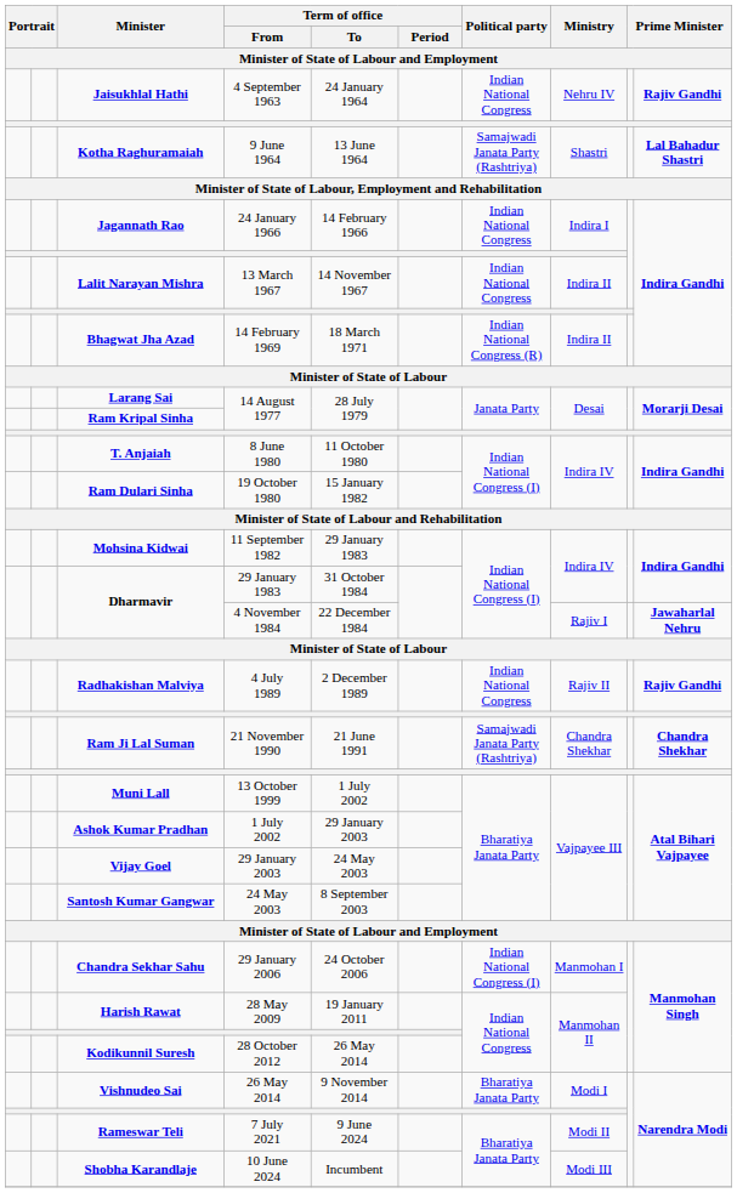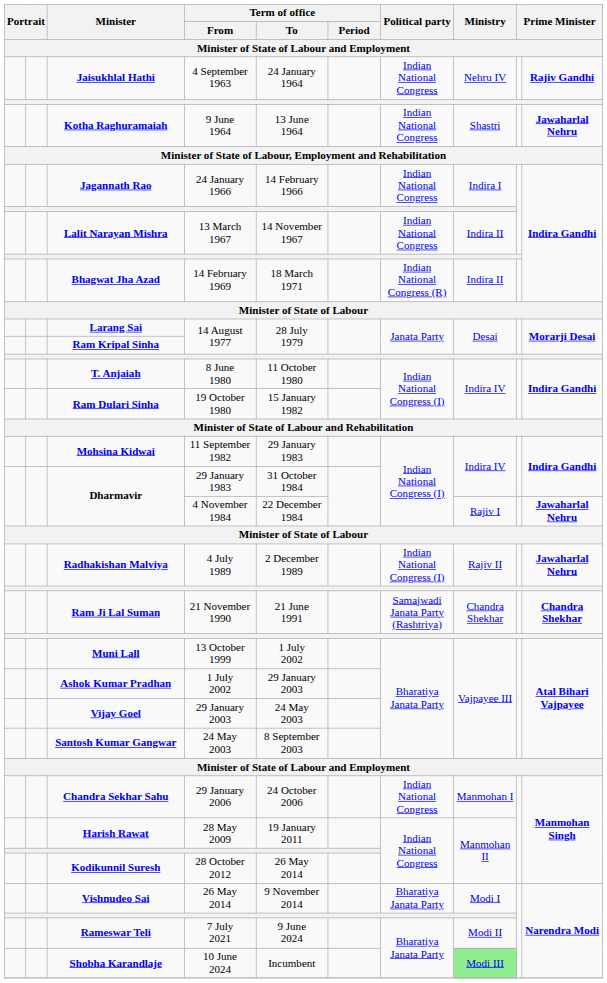 <table class="wikitable" style="text-align:center">
 <tr>
 <th rowspan="2" colspan="2">Portrait</th>
 <th rowspan="2" style="width:18em">Minister<br></th>
 <th colspan="3">Term of office</th>
 <th rowspan="2" style="width:8em">Political party</th>
 <th rowspan="2" style="width:6em">Ministry</th>
 <th rowspan="2" colspan="2">Prime Minister</th>
 </tr>
 <tr>
 <th style="width:8em">From</th>
 <th style="width:8em">To</th>
 <th style="width:6em">Period</th>
 </tr>
 <tr>
 <th colspan="10">Minister of State of Labour and Employment</th>
 </tr>
 <tr>
 <td></td>
 <td></td>
 <td><strong><a href='#'>Jaisukhlal Hathi</a></strong><br></td>
 <td>4 September<br>1963</td>
 <td>24 January<br>1964</td>
 <td><strong></strong></td>
 <td><a href='#'>Indian National Congress</a></td>
 <td><a href='#'>Nehru IV</a></td>
 <td></td>
 <td><strong><a href='#'>Rajiv Gandhi</a></strong></td>
 </tr>
 <tr>
 <th colspan="10"></th>
 </tr>
 <tr>
 <td></td>
 <td></td>
 <td><strong><a href='#'>Kotha Raghuramaiah</a></strong><br></td>
 <td>9 June<br>1964</td>
 <td>13 June<br>1964</td>
 <td><strong></strong></td>
-<td><a href='#'>Samajwadi Janata Party (Rashtriya)</a></td>
+<td><a href='#'>Indian National Congress</a></td>
 <td><a href='#'>Shastri</a></td>
 <td></td>
-<td><strong><a href='#'>Lal Bahadur Shastri</a></strong></td>
+<td style="width:9em"><strong><a href='#'>Jawaharlal Nehru</a></strong></td>
 </tr>
 <tr>
 <th colspan="10">Minister of State of Labour, Employment and Rehabilitation</th>
 </tr>
 <tr>
 <td></td>
 <td></td>
 <td><strong><a href='#'>Jagannath Rao</a></strong><br></td>
 <td>24 January<br>1966</td>
 <td>14 February<br>1966</td>
 <td><strong></strong></td>
 <td><a href='#'>Indian National Congress</a></td>
 <td><a href='#'>Indira I</a></td>
 <td rowspan="3"></td>
 <td rowspan="5"><strong><a href='#'>Indira Gandhi</a></strong></td>
 </tr>
 <tr>
 <th colspan="8"></th>
 </tr>
 <tr>
 <td></td>
 <td></td>
 <td><strong><a href='#'>Lalit Narayan Mishra</a></strong><br></td>
 <td>13 March<br>1967</td>
 <td>14 November<br>1967</td>
 <td><strong></strong></td>
 <td><a href='#'>Indian National Congress</a></td>
 <td><a href='#'>Indira II</a></td>
 </tr>
 <tr>
 <th colspan="9"></th>
 </tr>
 <tr>
 <td></td>
 <td></td>
 <td><strong><a href='#'>Bhagwat Jha Azad</a></strong><br></td>
 <td>14 February<br>1969</td>
 <td>18 March<br>1971</td>
 <td><strong></strong></td>
 <td><a href='#'>Indian National Congress (R)</a></td>
 <td><a href='#'>Indira II</a></td>
 <td></td>
 </tr>
 <tr>
 <th colspan="10">Minister of State of Labour</th>
 </tr>
 <tr>
 <td></td>
 <td></td>
 <td><strong><a href='#'>Larang Sai</a></strong><br></td>
 <td rowspan="2">14 August<br>1977</td>
 <td rowspan="2">28 July<br>1979</td>
 <td rowspan="2"><strong></strong></td>
 <td rowspan="2"><a href='#'>Janata Party</a></td>
 <td rowspan="2"><a href='#'>Desai</a></td>
 <td rowspan="2"></td>
 <td rowspan="2"><strong><a href='#'>Morarji Desai</a></strong></td>
 </tr>
 <tr>
 <td></td>
 <td></td>
 <td><strong><a href='#'>Ram Kripal Sinha</a></strong><br></td>
 </tr>
 <tr>
 <th colspan="10"></th>
 </tr>
 <tr>
 <td></td>
 <td></td>
 <td><strong><a href='#'>T. Anjaiah</a></strong><br></td>
 <td>8 June<br>1980</td>
 <td>11 October<br>1980</td>
 <td><strong></strong></td>
 <td rowspan="2"><a href='#'>Indian National Congress (I)</a></td>
 <td rowspan="2"><a href='#'>Indira IV</a></td>
 <td rowspan="2"></td>
 <td rowspan="2"><strong><a href='#'>Indira Gandhi</a></strong></td>
 </tr>
 <tr>
 <td></td>
 <td></td>
 <td><strong><a href='#'>Ram Dulari Sinha</a></strong><br></td>
 <td>19 October<br>1980</td>
 <td>15 January<br>1982</td>
 <td><strong></strong></td>
 </tr>
 <tr>
 <th colspan="10">Minister of State of Labour and Rehabilitation</th>
 </tr>
 <tr>
 <td></td>
 <td></td>
 <td><strong><a href='#'>Mohsina Kidwai</a></strong><br></td>
 <td>11 September<br>1982</td>
 <td>29 January<br>1983</td>
 <td><strong></strong></td>
 <td rowspan="3"><a href='#'>Indian National Congress (I)</a></td>
 <td rowspan="2"><a href='#'>Indira IV</a></td>
 <td rowspan="2"></td>
 <td rowspan="2"><strong><a href='#'>Indira Gandhi</a></strong></td>
 </tr>
 <tr>
 <td rowspan="2"></td>
 <td rowspan="2"></td>
 <td rowspan="2"><strong>Dharmavir</strong><br></td>
 <td>29 January<br>1983</td>
 <td>31 October<br>1984</td>
 <td rowspan="2"><strong></strong></td>
 </tr>
 <tr>
 <td>4 November<br>1984</td>
 <td>22 December<br>1984</td>
 <td><a href='#'>Rajiv I</a></td>
 <td></td>
 <td style="width:9em"><strong><a href='#'>Jawaharlal Nehru</a></strong></td>
 </tr>
 <tr>
 <th colspan="10">Minister of State of Labour</th>
 </tr>
 <tr>
 <td></td>
 <td></td>
 <td><strong><a href='#'>Radhakishan Malviya</a></strong><br></td>
 <td>4 July<br>1989</td>
 <td>2 December<br>1989</td>
 <td><strong></strong></td>
-<td><a href='#'>Indian National Congress</a></td>
+<td><a href='#'>Indian National Congress (I)</a></td>
 <td><a href='#'>Rajiv II</a></td>
 <td></td>
-<td><strong><a href='#'>Rajiv Gandhi</a></strong></td>
+<td style="width:9em"><strong><a href='#'>Jawaharlal Nehru</a></strong></td>
 </tr>
 <tr>
 <th colspan="10"></th>
 </tr>
 <tr>
 <td></td>
 <td></td>
 <td><strong><a href='#'>Ram Ji Lal Suman</a></strong><br></td>
 <td>21 November<br>1990</td>
 <td>21 June<br>1991</td>
 <td><strong></strong></td>
 <td><a href='#'>Samajwadi Janata Party (Rashtriya)</a></td>
 <td><a href='#'>Chandra Shekhar</a></td>
 <td></td>
 <td><strong><a href='#'>Chandra Shekhar</a></strong></td>
 </tr>
 <tr>
 <th colspan="10"></th>
 </tr>
 <tr>
 <td></td>
 <td></td>
 <td><strong><a href='#'>Muni Lall</a></strong><br></td>
 <td>13 October<br>1999</td>
 <td>1 July<br>2002</td>
 <td><strong></strong></td>
 <td rowspan="4"><a href='#'>Bharatiya Janata Party</a></td>
 <td rowspan="4"><a href='#'>Vajpayee III</a></td>
 <td rowspan="4"></td>
 <td rowspan="4"><strong><a href='#'>Atal Bihari Vajpayee</a></strong></td>
 </tr>
 <tr>
 <td></td>
 <td></td>
 <td><strong><a href='#'>Ashok Kumar Pradhan</a></strong><br></td>
 <td>1 July<br>2002</td>
 <td>29 January<br>2003</td>
 <td><strong></strong></td>
 </tr>
 <tr>
 <td></td>
 <td></td>
 <td><strong><a href='#'>Vijay Goel</a></strong><br></td>
 <td>29 January<br>2003</td>
 <td>24 May<br>2003</td>
 <td><strong></strong></td>
 </tr>
 <tr>
 <td></td>
 <td></td>
 <td><strong><a href='#'>Santosh Kumar Gangwar</a></strong><br></td>
 <td>24 May<br>2003</td>
 <td>8 September<br>2003</td>
 <td><strong></strong></td>
 </tr>
 <tr>
 <th colspan="10">Minister of State of Labour and Employment</th>
 </tr>
 <tr>
 <td></td>
 <td></td>
 <td><strong><a href='#'>Chandra Sekhar Sahu</a></strong><br></td>
 <td>29 January<br>2006</td>
 <td>24 October<br>2006</td>
 <td><strong></strong></td>
-<td><a href='#'>Indian National Congress (I)</a></td>
+<td><a href='#'>Indian National Congress</a></td>
 <td><a href='#'>Manmohan I</a></td>
 <td rowspan="4"></td>
 <td rowspan="4"><strong><a href='#'>Manmohan Singh</a></strong></td>
 </tr>
 <tr>
 <td></td>
 <td></td>
 <td><strong><a href='#'>Harish Rawat</a></strong><br></td>
 <td>28 May<br>2009</td>
 <td>19 January<br>2011</td>
 <td><strong></strong></td>
 <td rowspan="3"><a href='#'>Indian National Congress</a></td>
 <td rowspan="3"><a href='#'>Manmohan II</a></td>
 </tr>
 <tr>
 <th colspan="6"></th>
 </tr>
 <tr>
 <td></td>
 <td></td>
 <td><strong><a href='#'>Kodikunnil Suresh</a></strong><br></td>
 <td>28 October<br>2012</td>
 <td>26 May<br>2014</td>
 <td><strong></strong></td>
 </tr>
 <tr>
 <td></td>
 <td></td>
 <td><strong><a href='#'>Vishnudeo Sai</a></strong><br></td>
 <td>26 May<br>2014</td>
 <td>9 November<br>2014</td>
 <td><strong></strong></td>
 <td><a href='#'>Bharatiya Janata Party</a></td>
 <td><a href='#'>Modi I</a></td>
 <td rowspan="4"></td>
 <td rowspan="4"><strong><a href='#'>Narendra Modi</a></strong></td>
 </tr>
 <tr>
 <th colspan="8"></th>
 </tr>
 <tr>
 <td></td>
 <td></td>
 <td><strong><a href='#'>Rameswar Teli</a></strong><br></td>
 <td>7 July<br>2021</td>
 <td>9 June<br>2024</td>
 <td><strong></strong></td>
 <td rowspan="2"><a href='#'>Bharatiya Janata Party</a></td>
 <td><a href='#'>Modi II</a></td>
 </tr>
 <tr>
 <td></td>
 <td></td>
 <td><strong><a href='#'>Shobha Karandlaje</a></strong><br></td>
 <td>10 June<br>2024</td>
 <td>Incumbent</td>
 <td><strong></strong></td>
-<td><a href='#'>Modi III</a></td>
+<td style="background: lightgreen;"><a href='#'>Modi III</a></td>
 </tr>
 <tr>
 </tr>
 </table>
